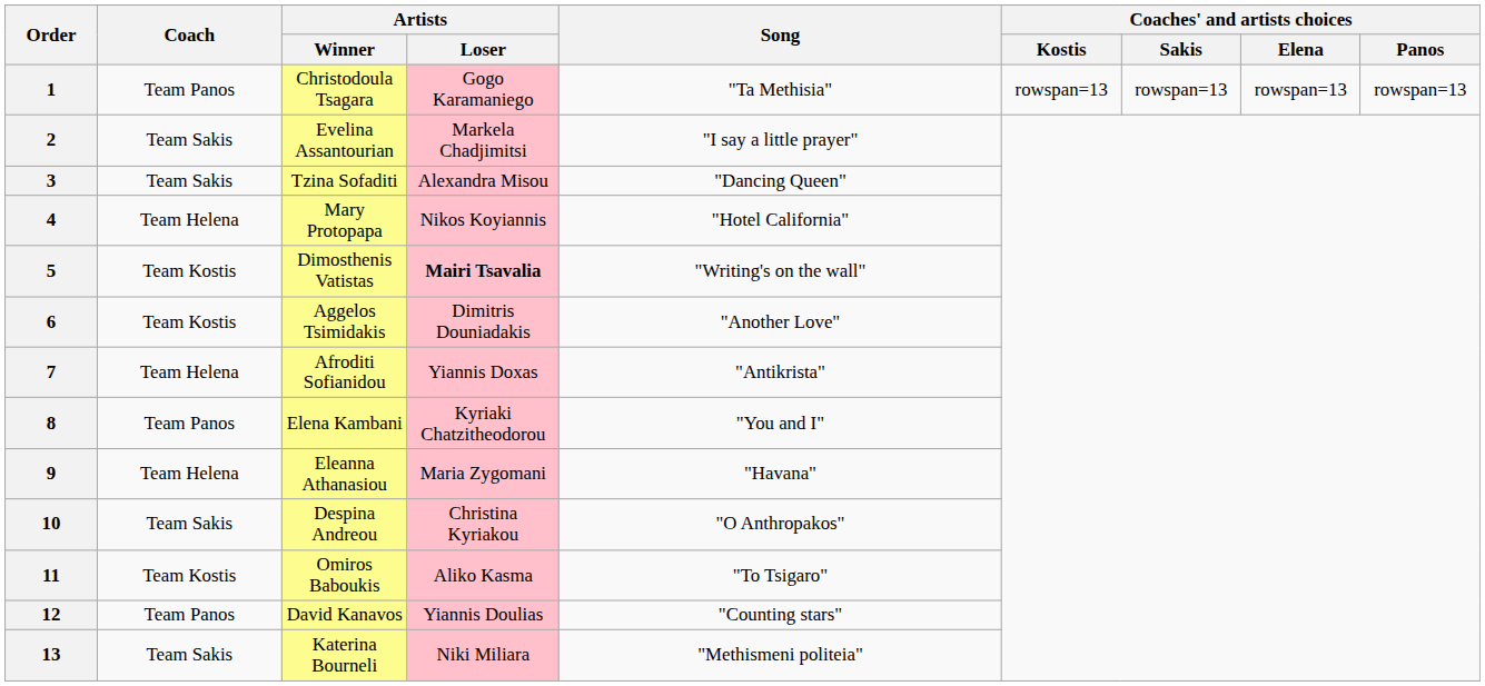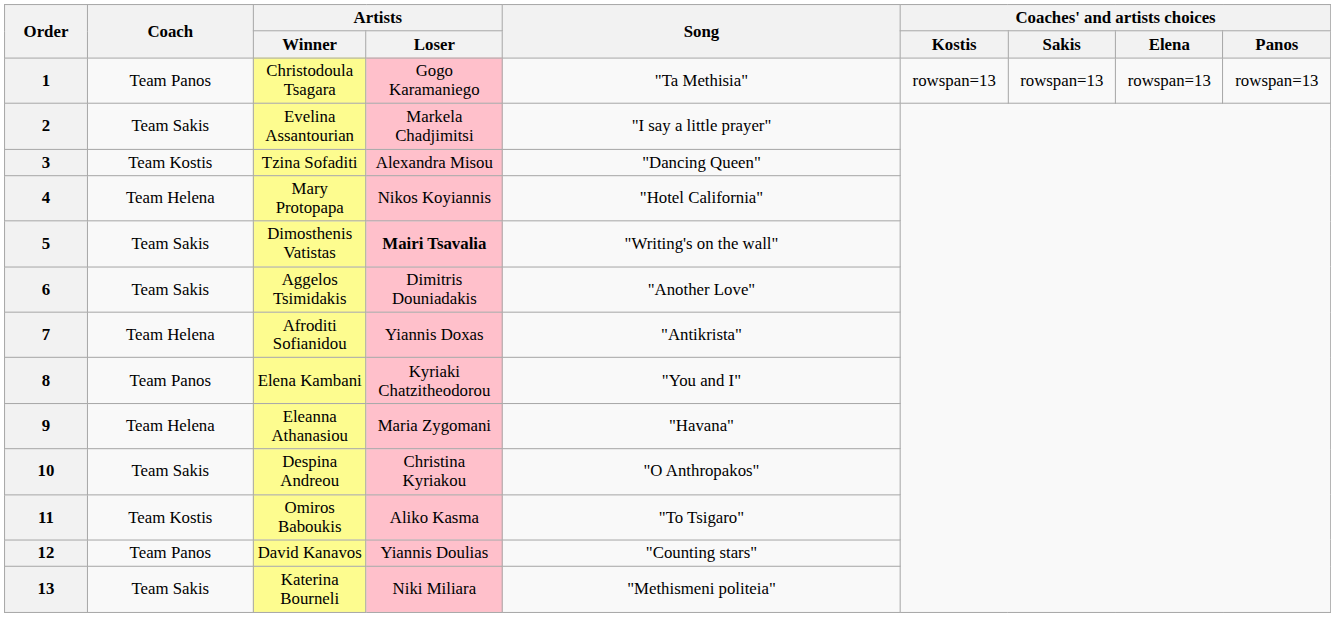 <table class="wikitable" style="text-align:center; width:100%;">
 <tr>
 <th scope="col" style="width:05%;" rowspan="2">Order</th>
 <th scope="col" style="width:10%;" rowspan="2">Coach</th>
 <th scope="col" style="width:26%;" colspan="2">Artists</th>
 <th scope="col" style="width:24%;" rowspan="2">Song</th>
 <th scope="col" style="width:20%;" colspan="4">Coaches' and artists choices</th>
 </tr>
 <tr>
 <th style="width:05%;">Winner</th>
 <th style="width:05%;">Loser</th>
 <th style="width:05%;">Kostis</th>
 <th style="width:05%;">Sakis</th>
 <th style="width:05%;">Elena</th>
 <th style="width:05%;">Panos</th>
 </tr>
 <tr>
 <th scope="col">1</th>
 <td>Team Panos</td>
 <td style="background:#fdfc8f;text-align:center;">Christodoula Tsagara</td>
 <td style="background:pink;text-align:center;">Gogo Karamaniego</td>
 <td>"Ta Methisia"</td>
 <td>rowspan=13 </td>
 <td>rowspan=13 </td>
 <td>rowspan=13 </td>
 <td>rowspan=13 </td>
 </tr>
 <tr>
 <th scope="col">2</th>
 <td>Team Sakis</td>
 <td style="background:#fdfc8f;text-align:center;">Evelina Assantourian</td>
 <td style="background:pink;text-align:center;">Markela Chadjimitsi</td>
 <td>"I say a little prayer"</td>
 </tr>
 <tr>
 <th scope="col">3</th>
-<td>Team Sakis</td>
+<td>Team Kostis</td>
 <td style="background:#fdfc8f;text-align:center;">Tzina Sofaditi</td>
 <td style="background:pink;text-align:center;">Alexandra Misou</td>
 <td>"Dancing Queen"</td>
 </tr>
 <tr>
 <th scope="col">4</th>
 <td>Team Helena</td>
 <td style="background:#fdfc8f;text-align:center;">Mary Protopapa</td>
 <td style="background:pink;text-align:center;">Nikos Koyiannis</td>
 <td>"Hotel California"</td>
 </tr>
 <tr>
 <th scope="col">5</th>
-<td>Team Kostis</td>
+<td>Team Sakis</td>
 <td style="background:#fdfc8f;text-align:center;">Dimosthenis Vatistas</td>
 <td style="background:pink;text-align:center;"><strong>Mairi Tsavalia</strong></td>
 <td>"Writing's on the wall"</td>
 </tr>
 <tr>
 <th scope="col">6</th>
-<td>Team Kostis</td>
+<td>Team Sakis</td>
 <td style="background:#fdfc8f;text-align:center;">Aggelos Tsimidakis</td>
 <td style="background:pink;text-align:center;">Dimitris Douniadakis</td>
 <td>"Another Love"</td>
 </tr>
 <tr>
 <th scope="col">7</th>
 <td>Team Helena</td>
 <td style="background:#fdfc8f;text-align:center;">Afroditi Sofianidou</td>
 <td style="background:pink;text-align:center;">Yiannis Doxas</td>
 <td>"Antikrista"</td>
 </tr>
 <tr>
 <th scope="col">8</th>
 <td>Team Panos</td>
 <td style="background:#fdfc8f;text-align:center;">Elena Kambani</td>
 <td style="background:pink;text-align:center;">Kyriaki Chatzitheodorou</td>
 <td>"You and I"</td>
 </tr>
 <tr>
 <th scope="col">9</th>
 <td>Team Helena</td>
 <td style="background:#fdfc8f;text-align:center;">Eleanna Athanasiou</td>
 <td style="background:pink;text-align:center;">Maria Zygomani</td>
 <td>"Havana"</td>
 </tr>
 <tr>
 <th scope="col">10</th>
 <td>Team Sakis</td>
 <td style="background:#fdfc8f;text-align:center;">Despina Andreou</td>
 <td style="background:pink;text-align:center;">Christina Kyriakou</td>
 <td>"O Anthropakos"</td>
 </tr>
 <tr>
 <th scope="col">11</th>
 <td>Team Kostis</td>
 <td style="background:#fdfc8f;text-align:center;">Omiros Baboukis</td>
 <td style="background:pink;text-align:center;">Aliko Kasma</td>
 <td>"To Tsigaro"</td>
 </tr>
 <tr>
 <th scope="col">12</th>
 <td>Team Panos</td>
 <td style="background:#fdfc8f;text-align:center;">David Kanavos</td>
 <td style="background:pink;text-align:center;">Yiannis Doulias</td>
 <td>"Counting stars"</td>
 </tr>
 <tr>
 <th scope="col">13</th>
 <td>Team Sakis</td>
 <td style="background:#fdfc8f;text-align:center;">Katerina Bourneli</td>
 <td style="background:pink;text-align:center;">Niki Miliara</td>
 <td>"Methismeni politeia"</td>
 </tr>
 </table>
